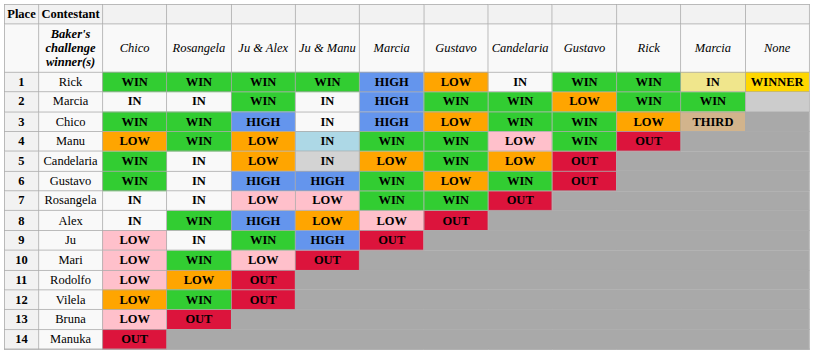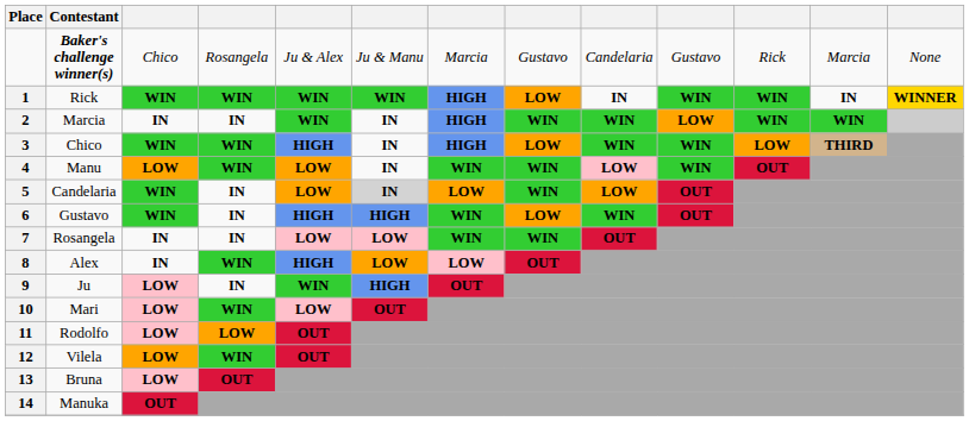 <table class="wikitable plainrowheaders" style="text-align:center">
 <tr>
 <th>Place</th>
 <th>Contestant</th>
 <th width=75></th>
 <th width=75></th>
 <th width=75></th>
 <th width=75></th>
 <th width=75></th>
 <th width=75></th>
 <th width=75></th>
 <th width=75></th>
 <th width=75></th>
 <th width=75></th>
 <th width=75></th>
 </tr>
 <tr>
 <td></td>
 <td><strong><em>Baker's<br>challenge<br>winner(s)</em></strong></td>
 <td><em>Chico</em></td>
 <td><em>Rosangela</em></td>
 <td><em>Ju & Alex</em></td>
 <td><em>Ju & Manu</em></td>
 <td><em>Marcia</em></td>
 <td><em>Gustavo</em></td>
 <td><em>Candelaria</em></td>
 <td><em>Gustavo</em></td>
 <td><em>Rick</em></td>
 <td><em>Marcia</em></td>
 <td><em>None</em></td>
 </tr>
 <tr>
 <th>1</th>
 <td>Rick</td>
 <td bgcolor="#32CD32"><strong>WIN</strong></td>
 <td bgcolor="#32CD32"><strong>WIN</strong></td>
 <td bgcolor="#32CD32"><strong>WIN</strong></td>
 <td bgcolor="#32CD32"><strong>WIN</strong></td>
 <td bgcolor="#6495ED"><strong>HIGH</strong></td>
 <td bgcolor="#FFA500"><strong>LOW</strong></td>
 <td><strong>IN</strong></td>
 <td bgcolor="#32CD32"><strong>WIN</strong></td>
 <td bgcolor="#32CD32"><strong>WIN</strong></td>
-<td style="background: khaki;"><strong>IN</strong></td>
+<td><strong>IN</strong></td>
 <td bgcolor="#FFD700"><strong>WINNER</strong></td>
 </tr>
 <tr>
 <th>2</th>
 <td>Marcia</td>
 <td><strong>IN</strong></td>
 <td><strong>IN</strong></td>
 <td bgcolor="#32CD32"><strong>WIN</strong></td>
 <td><strong>IN</strong></td>
 <td bgcolor="#6495ED"><strong>HIGH</strong></td>
 <td bgcolor="#32CD32"><strong>WIN</strong></td>
 <td bgcolor="#32CD32"><strong>WIN</strong></td>
 <td bgcolor="#FFA500"><strong>LOW</strong></td>
 <td bgcolor="#32CD32"><strong>WIN</strong></td>
 <td bgcolor="#32CD32"><strong>WIN</strong></td>
 <td bgcolor="#CCCCCC"></td>
 </tr>
 <tr>
 <th>3</th>
 <td>Chico</td>
 <td bgcolor="#32CD32"><strong>WIN</strong></td>
 <td bgcolor="#32CD32"><strong>WIN</strong></td>
 <td bgcolor="#6495ED"><strong>HIGH</strong></td>
 <td><strong>IN</strong></td>
 <td bgcolor="#6495ED"><strong>HIGH</strong></td>
 <td bgcolor="#FFA500"><strong>LOW</strong></td>
 <td bgcolor="#32CD32"><strong>WIN</strong></td>
 <td bgcolor="#32CD32"><strong>WIN</strong></td>
 <td bgcolor="#FFA500"><strong>LOW</strong></td>
 <td bgcolor="#D2B48C"><strong>THIRD</strong></td>
 <td bgcolor="#A9A9A9"></td>
 </tr>
 <tr>
 <th>4</th>
 <td>Manu</td>
 <td bgcolor="#FFA500"><strong>LOW</strong></td>
 <td bgcolor="#32CD32"><strong>WIN</strong></td>
 <td bgcolor="#FFA500"><strong>LOW</strong></td>
-<td style="background: lightblue;"><strong>IN</strong></td>
+<td><strong>IN</strong></td>
 <td bgcolor="#32CD32"><strong>WIN</strong></td>
 <td bgcolor="#32CD32"><strong>WIN</strong></td>
 <td bgcolor="#FFC0CB"><strong>LOW</strong></td>
 <td bgcolor="#32CD32"><strong>WIN</strong></td>
 <td bgcolor="#DC143C"><strong>OUT</strong></td>
 <td bgcolor="#A9A9A9" colspan=2></td>
 </tr>
 <tr>
 <th>5</th>
 <td>Candelaria</td>
 <td bgcolor="#32CD32"><strong>WIN</strong></td>
 <td><strong>IN</strong></td>
 <td bgcolor="#FFA500"><strong>LOW</strong></td>
 <td style="background: lightgrey;"><strong>IN</strong></td>
 <td bgcolor="#FFA500"><strong>LOW</strong></td>
 <td bgcolor="#32CD32"><strong>WIN</strong></td>
 <td bgcolor="#FFA500"><strong>LOW</strong></td>
 <td bgcolor="#DC143C"><strong>OUT</strong></td>
 <td bgcolor="#A9A9A9" colspan=3></td>
 </tr>
 <tr>
 <th>6</th>
 <td>Gustavo</td>
 <td bgcolor="#32CD32"><strong>WIN</strong></td>
 <td><strong>IN</strong></td>
 <td bgcolor="#6495ED"><strong>HIGH</strong></td>
 <td bgcolor="#6495ED"><strong>HIGH</strong></td>
 <td bgcolor="#32CD32"><strong>WIN</strong></td>
 <td bgcolor="#FFA500"><strong>LOW</strong></td>
 <td bgcolor="#32CD32"><strong>WIN</strong></td>
 <td bgcolor="#DC143C"><strong>OUT</strong></td>
 <td bgcolor="#A9A9A9" colspan=3></td>
 </tr>
 <tr>
 <th>7</th>
 <td>Rosangela</td>
 <td><strong>IN</strong></td>
 <td><strong>IN</strong></td>
 <td bgcolor="#FFC0CB"><strong>LOW</strong></td>
 <td bgcolor="#FFC0CB"><strong>LOW</strong></td>
 <td bgcolor="#32CD32"><strong>WIN</strong></td>
 <td bgcolor="#32CD32"><strong>WIN</strong></td>
 <td bgcolor="#DC143C"><strong>OUT</strong></td>
 <td bgcolor="#A9A9A9" colspan=4></td>
 </tr>
 <tr>
 <th>8</th>
 <td>Alex</td>
 <td><strong>IN</strong></td>
 <td bgcolor="#32CD32"><strong>WIN</strong></td>
 <td bgcolor="#6495ED"><strong>HIGH</strong></td>
 <td bgcolor="#FFA500"><strong>LOW</strong></td>
 <td bgcolor="#FFC0CB"><strong>LOW</strong></td>
 <td bgcolor="#DC143C"><strong>OUT</strong></td>
 <td bgcolor="#A9A9A9" colspan=5></td>
 </tr>
 <tr>
 <th>9</th>
 <td>Ju</td>
 <td bgcolor="#FFC0CB"><strong>LOW</strong></td>
 <td><strong>IN</strong></td>
 <td bgcolor="#32CD32"><strong>WIN</strong></td>
 <td bgcolor="#6495ED"><strong>HIGH</strong></td>
 <td bgcolor="#DC143C"><strong>OUT</strong></td>
 <td bgcolor="#A9A9A9" colspan=6></td>
 </tr>
 <tr>
 <th>10</th>
 <td>Mari</td>
 <td bgcolor="#FFC0CB"><strong>LOW</strong></td>
 <td bgcolor="#32CD32"><strong>WIN</strong></td>
 <td bgcolor="#FFC0CB"><strong>LOW</strong></td>
 <td bgcolor="#DC143C"><strong>OUT</strong></td>
 <td bgcolor="#A9A9A9" colspan=7></td>
 </tr>
 <tr>
 <th>11</th>
 <td>Rodolfo</td>
 <td bgcolor="#FFC0CB"><strong>LOW</strong></td>
 <td bgcolor="#FFA500"><strong>LOW</strong></td>
 <td bgcolor="#DC143C"><strong>OUT</strong></td>
 <td bgcolor="#A9A9A9" colspan=8></td>
 </tr>
 <tr>
 <th>12</th>
 <td>Vilela</td>
 <td bgcolor="#FFA500"><strong>LOW</strong></td>
 <td bgcolor="#32CD32"><strong>WIN</strong></td>
 <td bgcolor="#DC143C"><strong>OUT</strong></td>
 <td bgcolor="#A9A9A9" colspan=8></td>
 </tr>
 <tr>
 <th>13</th>
 <td>Bruna</td>
 <td bgcolor="#FFC0CB"><strong>LOW</strong></td>
 <td bgcolor="#DC143C"><strong>OUT</strong></td>
 <td bgcolor="#A9A9A9" colspan=9></td>
 </tr>
 <tr>
 <th>14</th>
 <td>Manuka</td>
 <td bgcolor="#DC143C"><strong>OUT</strong></td>
 <td bgcolor="#A9A9A9" colspan=10></td>
 </tr>
 <tr>
 </tr>
 </table>
